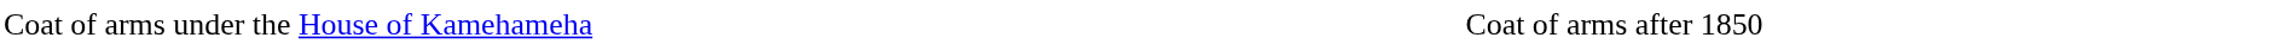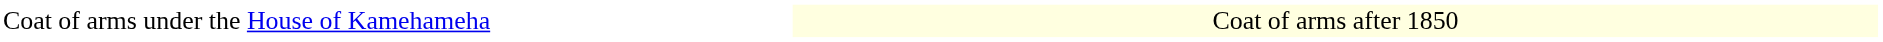 <table border="0" align="center" width="85%">
 <tr>
 <th width=25%></th>
 <th width=25%></th>
 </tr>
 <tr>
 <td align=center>Coat of arms under the <a href='#'>House of Kamehameha</a></td>
-<td align=center>Coat of arms after 1850</td>
+<td align=center style="background: lightyellow;">Coat of arms after 1850</td>
 </tr>
 </table>
